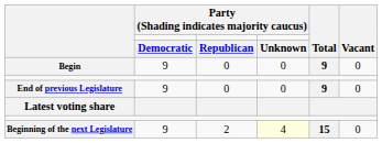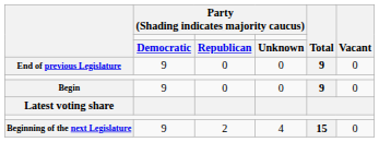 <table class=wikitable style="text-align:center">
 <tr style="vertical-align:bottom;">
 <th rowspan=3></th>
 <th colspan=3>Party <div>(Shading indicates majority caucus)</div></th>
 <th rowspan=3>Total</th>
 <th rowspan=3>Vacant</th>
 </tr>
 <tr style="height:5px">
 <td style="background-color:"></td>
 <td style="background-color:"></td>
 <td style="background-color:"></td>
 </tr>
 <tr>
 <th><a href='#'>Democratic</a></th>
 <th><a href='#'>Republican</a></th>
 <th>Unknown</th>
 </tr>
 <tr>
-<th style="font-size:80%">Begin</th>
+<th style="white-space:nowrap; font-size:80%;">End of <a href='#'>previous Legislature</a></th>
 <td>9</td>
 <td>0</td>
 <td>0</td>
 <th>9</th>
 <td>0</td>
 </tr>
 <tr>
 <td colspan=6></td>
 </tr>
 <tr>
-<th style="white-space:nowrap; font-size:80%;">End of <a href='#'>previous Legislature</a></th>
+<th style="font-size:80%">Begin</th>
 <td>9</td>
 <td>0</td>
 <td>0</td>
 <th>9</th>
 <td>0</td>
 </tr>
 <tr>
 <th>Latest voting share</th>
 <th></th>
 <th></th>
 <th></th>
 <th colspan=2></th>
 </tr>
 <tr>
 <td colspan=6></td>
 </tr>
 <tr>
 <th style="white-space:nowrap; font-size:80%;">Beginning of the <a href='#'>next Legislature</a></th>
 <td>9</td>
 <td>2</td>
-<td style="background: lightyellow;">4</td>
+<td>4</td>
 <th>15</th>
 <td>0</td>
 </tr>
 </table>
